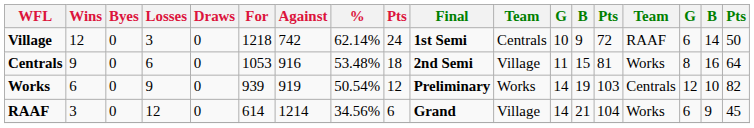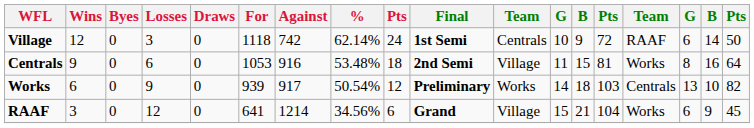 <table class="wikitable">
 <tr>
 <th style="color:crimson">WFL</th>
 <th style="color:crimson">Wins</th>
 <th style="color:crimson">Byes</th>
 <th style="color:crimson">Losses</th>
 <th style="color:crimson">Draws</th>
 <th style="color:crimson">For</th>
 <th style="color:crimson">Against</th>
 <th style="color:crimson">%</th>
 <th style="color:crimson">Pts</th>
 <th style="color:green">Final</th>
 <th style="color:green">Team</th>
 <th style="color:green">G</th>
 <th style="color:green">B</th>
 <th style="color:green">Pts</th>
 <th style="color:green">Team</th>
 <th style="color:green">G</th>
 <th style="color:green">B</th>
 <th style="color:green">Pts</th>
 </tr>
 <tr>
 <td><strong>	Village	</strong></td>
 <td>12</td>
 <td>0</td>
 <td>3</td>
 <td>0</td>
-<td>1218</td>
+<td>1118</td>
 <td>742</td>
 <td>62.14%</td>
 <td>24</td>
 <td><strong>1st Semi</strong></td>
 <td>Centrals</td>
 <td>10</td>
 <td>9</td>
 <td>72</td>
 <td>RAAF</td>
 <td>6</td>
 <td>14</td>
 <td>50</td>
 </tr>
 <tr>
 <td><strong>	Centrals	</strong></td>
 <td>9</td>
 <td>0</td>
 <td>6</td>
 <td>0</td>
 <td>1053</td>
 <td>916</td>
 <td>53.48%</td>
 <td>18</td>
 <td><strong>2nd Semi</strong></td>
 <td>Village</td>
 <td>11</td>
 <td>15</td>
 <td>81</td>
 <td>Works</td>
 <td>8</td>
 <td>16</td>
 <td>64</td>
 </tr>
 <tr>
 <td><strong>	Works	</strong></td>
 <td>6</td>
 <td>0</td>
 <td>9</td>
 <td>0</td>
 <td>939</td>
-<td>919</td>
+<td>917</td>
 <td>50.54%</td>
 <td>12</td>
 <td><strong>Preliminary</strong></td>
 <td>Works</td>
 <td>14</td>
-<td>19</td>
+<td>18</td>
 <td>103</td>
 <td>Centrals</td>
-<td>12</td>
+<td>13</td>
 <td>10</td>
 <td>82</td>
 </tr>
 <tr>
 <td><strong>	RAAF	</strong></td>
 <td>3</td>
 <td>0</td>
 <td>12</td>
 <td>0</td>
-<td>614</td>
+<td>641</td>
 <td>1214</td>
 <td>34.56%</td>
 <td>6</td>
 <td><strong>Grand</strong></td>
 <td>Village</td>
-<td>14</td>
+<td>15</td>
 <td>21</td>
 <td>104</td>
 <td>Works</td>
 <td>6</td>
 <td>9</td>
 <td>45</td>
 </tr>
 <tr>
 </tr>
 </table>
